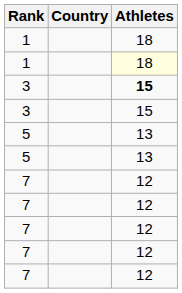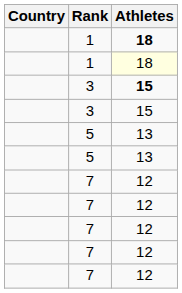 <table class="wikitable sortable" style="border:0;">
 <tr>
+<th>Country</th>
 <th>Rank</th>
-<th>Country</th>
 <th>Athletes</th>
 </tr>
 <tr>
+<td></td>
 <td align=center>1</td>
-<td></td>
-<td align=center>18</td>
+<td align=center><strong>18</strong></td>
 </tr>
 <tr>
+<td></td>
 <td align=center>1</td>
-<td></td>
 <td align=center style="background: lightyellow;">18</td>
 </tr>
 <tr>
+<td></td>
 <td align=center>3</td>
-<td></td>
 <td align=center><strong>15</strong></td>
 </tr>
 <tr>
+<td></td>
 <td align=center>3</td>
-<td></td>
 <td align=center>15</td>
 </tr>
 <tr>
+<td></td>
 <td align=center>5</td>
-<td></td>
 <td align=center>13</td>
 </tr>
 <tr>
+<td></td>
 <td align=center>5</td>
-<td></td>
 <td align=center>13</td>
 </tr>
 <tr>
+<td></td>
 <td align=center>7</td>
-<td></td>
 <td align=center>12</td>
 </tr>
 <tr>
+<td></td>
 <td align=center>7</td>
-<td></td>
 <td align=center>12</td>
 </tr>
 <tr>
+<td></td>
 <td align=center>7</td>
-<td></td>
 <td align=center>12</td>
 </tr>
 <tr>
+<td></td>
 <td align=center>7</td>
-<td></td>
 <td align=center>12</td>
 </tr>
 <tr>
+<td></td>
 <td align=center>7</td>
-<td></td>
 <td align=center>12</td>
 </tr>
 </table>
